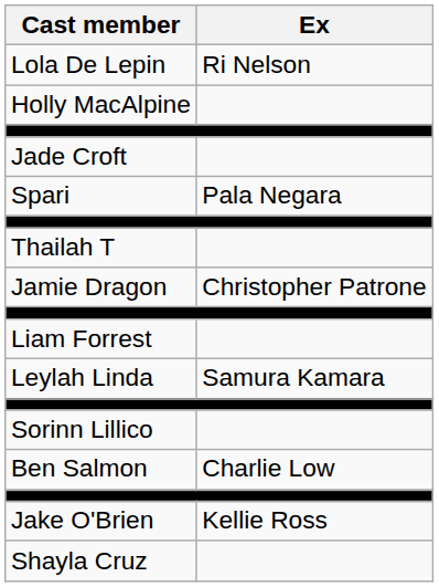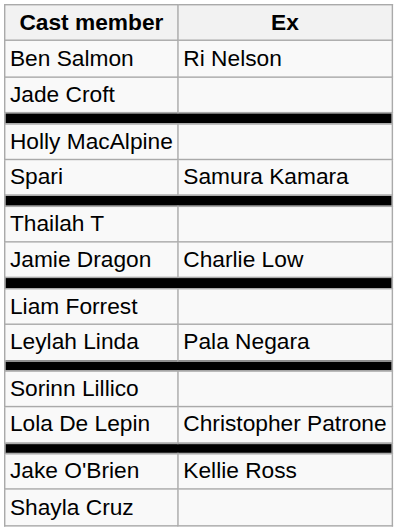 <table class="wikitable sortable">
 <tr>
 <th>Cast member</th>
 <th>Ex</th>
 </tr>
 <tr>
-<td>Lola De Lepin</td>
+<td>Ben Salmon</td>
 <td>Ri Nelson</td>
+</tr>
+<tr>
+<td>Jade Croft</td>
+<td></td>
+</tr>
+<tr>
+<td style="background:#000;" colspan="2"></td>
 </tr>
 <tr>
 <td nowrap>Holly MacAlpine</td>
 <td></td>
 </tr>
 <tr>
-<td style="background:#000;" colspan="2"></td>
-</tr>
-<tr>
-<td>Jade Croft</td>
-<td></td>
-</tr>
-<tr>
 <td>Spari</td>
-<td>Pala Negara</td>
+<td>Samura Kamara</td>
 </tr>
 <tr>
 <td style="background:#000;" colspan="2"></td>
 </tr>
 <tr>
 <td>Thailah T</td>
 <td></td>
 </tr>
 <tr>
 <td>Jamie Dragon</td>
-<td nowrap>Christopher Patrone</td>
+<td>Charlie Low</td>
 </tr>
 <tr>
 <td style="background:#000;" colspan="2"></td>
 </tr>
 <tr>
 <td>Liam Forrest</td>
 <td></td>
 </tr>
 <tr>
 <td>Leylah Linda</td>
-<td>Samura Kamara</td>
+<td>Pala Negara</td>
 </tr>
 <tr>
 <td style="background:#000;" colspan="2"></td>
 </tr>
 <tr>
 <td>Sorinn Lillico</td>
 <td></td>
 </tr>
 <tr>
-<td>Ben Salmon</td>
-<td>Charlie Low</td>
+<td>Lola De Lepin</td>
+<td nowrap>Christopher Patrone</td>
 </tr>
 <tr>
 <td style="background:#000;" colspan="2"></td>
 </tr>
 <tr>
 <td>Jake O'Brien</td>
 <td>Kellie Ross</td>
 </tr>
 <tr>
 <td>Shayla Cruz</td>
 <td></td>
 </tr>
 </table>
